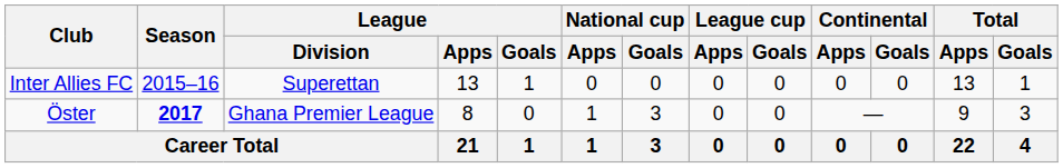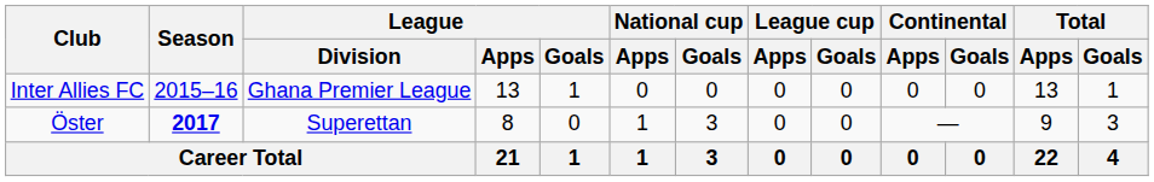 <table class="wikitable" style="text-align:center">
 <tr>
 <th rowspan="2">Club</th>
 <th rowspan="2">Season</th>
 <th colspan="3">League</th>
 <th colspan="2">National cup</th>
 <th colspan="2">League cup</th>
 <th colspan="2">Continental</th>
 <th colspan="2">Total</th>
 </tr>
 <tr>
 <th>Division</th>
 <th>Apps</th>
 <th>Goals</th>
 <th>Apps</th>
 <th>Goals</th>
 <th>Apps</th>
 <th>Goals</th>
 <th>Apps</th>
 <th>Goals</th>
 <th>Apps</th>
 <th>Goals</th>
 </tr>
 <tr>
 <td><a href='#'>Inter Allies FC</a></td>
 <td><a href='#'>2015–16</a></td>
-<td><a href='#'>Superettan</a></td>
+<td><a href='#'>Ghana Premier League</a></td>
 <td>13</td>
 <td>1</td>
 <td>0</td>
 <td>0</td>
 <td>0</td>
 <td>0</td>
 <td>0</td>
 <td>0</td>
 <td>13</td>
 <td>1</td>
 </tr>
 <tr>
 <td><a href='#'>Öster</a></td>
 <td><strong><a href='#'>2017</a></strong></td>
-<td><a href='#'>Ghana Premier League</a></td>
+<td><a href='#'>Superettan</a></td>
 <td>8</td>
 <td>0</td>
 <td>1</td>
 <td>3</td>
 <td>0</td>
 <td>0</td>
 <td colspan="2">—</td>
 <td>9</td>
 <td>3</td>
 </tr>
 <tr>
 <th colspan="3">Career Total</th>
 <th>21</th>
 <th>1</th>
 <th>1</th>
 <th>3</th>
 <th>0</th>
 <th>0</th>
 <th>0</th>
 <th>0</th>
 <th>22</th>
 <th>4</th>
 </tr>
 </table>
